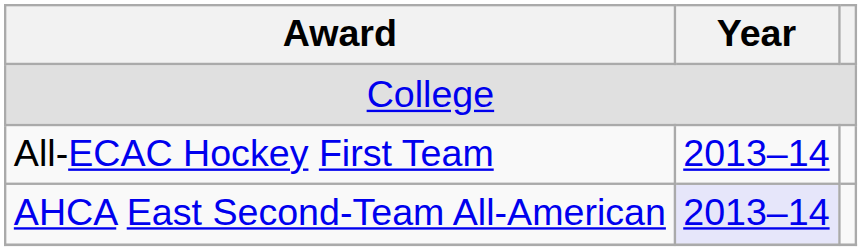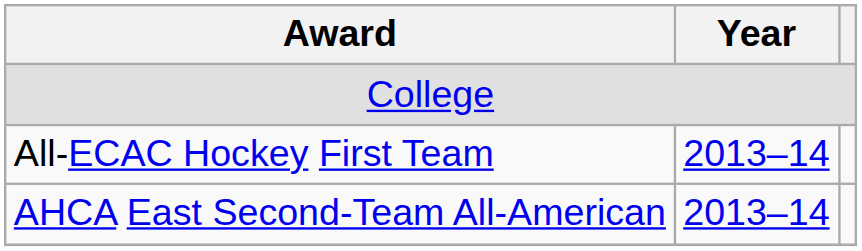 <table class="wikitable">
 <tr>
 <th>Award</th>
 <th>Year</th>
 <th></th>
 </tr>
 <tr ALIGN="center" bgcolor="#e0e0e0">
 <td colspan="3"><a href='#'>College</a></td>
 </tr>
 <tr>
 <td>All-<a href='#'>ECAC Hockey</a> <a href='#'>First Team</a></td>
 <td><a href='#'>2013–14</a></td>
 <td></td>
 </tr>
 <tr>
 <td><a href='#'>AHCA</a> <a href='#'>East Second-Team All-American</a></td>
-<td style="background: lavender;"><a href='#'>2013–14</a></td>
+<td><a href='#'>2013–14</a></td>
 <td></td>
 </tr>
 <tr>
 </tr>
 </table>
